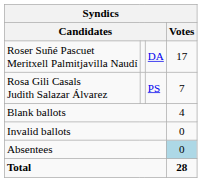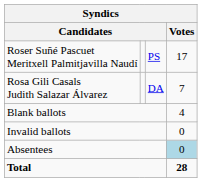 <table class="wikitable" style="font-size:95%; text-align:center;">
 <tr>
 <th colspan="5">Syndics</th>
 </tr>
 <tr>
 <th colspan="3">Candidates</th>
 <th>Votes</th>
 </tr>
 <tr>
 <td align="left"> Roser Suñé Pascuet<br> Meritxell Palmitjavilla Naudí</td>
 <td style="background:"></td>
-<td align="left"><a href='#'>DA</a></td>
+<td align="left"><a href='#'>PS</a></td>
 <td>17</td>
 </tr>
 <tr>
 <td align="left">  Rosa Gili Casals<br> Judith Salazar Álvarez</td>
 <td style="background:"></td>
-<td align="left"><a href='#'>PS</a></td>
+<td align="left"><a href='#'>DA</a></td>
 <td>7</td>
 </tr>
 <tr>
 <td align=left colspan="3">Blank ballots</td>
 <td>4</td>
 </tr>
 <tr>
 <td align=left colspan="3">Invalid ballots</td>
 <td>0</td>
 </tr>
 <tr>
 <td align=left colspan="3">Absentees</td>
 <td style="background: lightblue;">0</td>
 </tr>
 <tr style="font-weight:bold">
 <td align=left colspan="3">Total</td>
 <td>28</td>
 </tr>
 </table>
